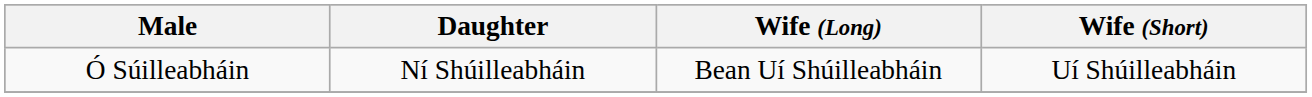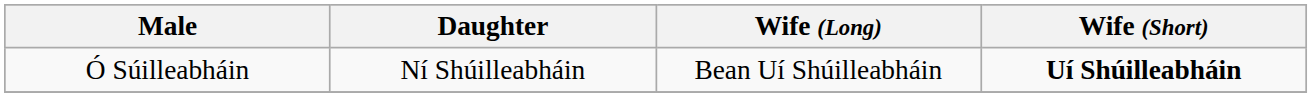 <table class="wikitable" style="text-align:right">
 <tr>
 <th width=20%>Male</th>
 <th width=20%>Daughter</th>
 <th width=20%>Wife <em><small>(Long)</small></em></th>
 <th width=20%>Wife <em><small>(Short)</small></em></th>
 </tr>
 <tr>
 <td align="center">Ó Súilleabháin</td>
 <td align="center">Ní Shúilleabháin</td>
 <td align="center">Bean Uí Shúilleabháin</td>
-<td align="center">Uí Shúilleabháin</td>
+<td align="center"><strong>Uí Shúilleabháin</strong></td>
 </tr>
 <tr>
 </tr>
 </table>
